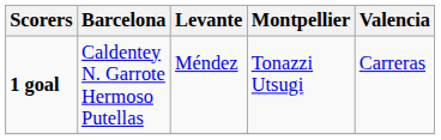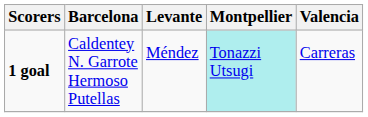 <table class="wikitable">
 <tr>
 <th>Scorers</th>
 <th>Barcelona</th>
 <th>Levante</th>
 <th>Montpellier</th>
 <th>Valencia</th>
 </tr>
 <tr>
 <td><strong>1 goal</strong></td>
 <td> <a href='#'>Caldentey</a> <br>  <a href='#'>N. Garrote</a> <br>  <a href='#'>Hermoso</a> <br>  <a href='#'>Putellas</a></td>
 <td> <a href='#'>Méndez</a> <br>  <br>  <br> </td>
-<td> <a href='#'>Tonazzi</a> <br>  <a href='#'>Utsugi</a> <br>  <br> </td>
+<td style="background: paleturquoise;"> <a href='#'>Tonazzi</a> <br>  <a href='#'>Utsugi</a> <br>  <br> </td>
 <td> <a href='#'>Carreras</a> <br>  <br>  <br> </td>
 </tr>
 <tr>
 </tr>
 </table>
